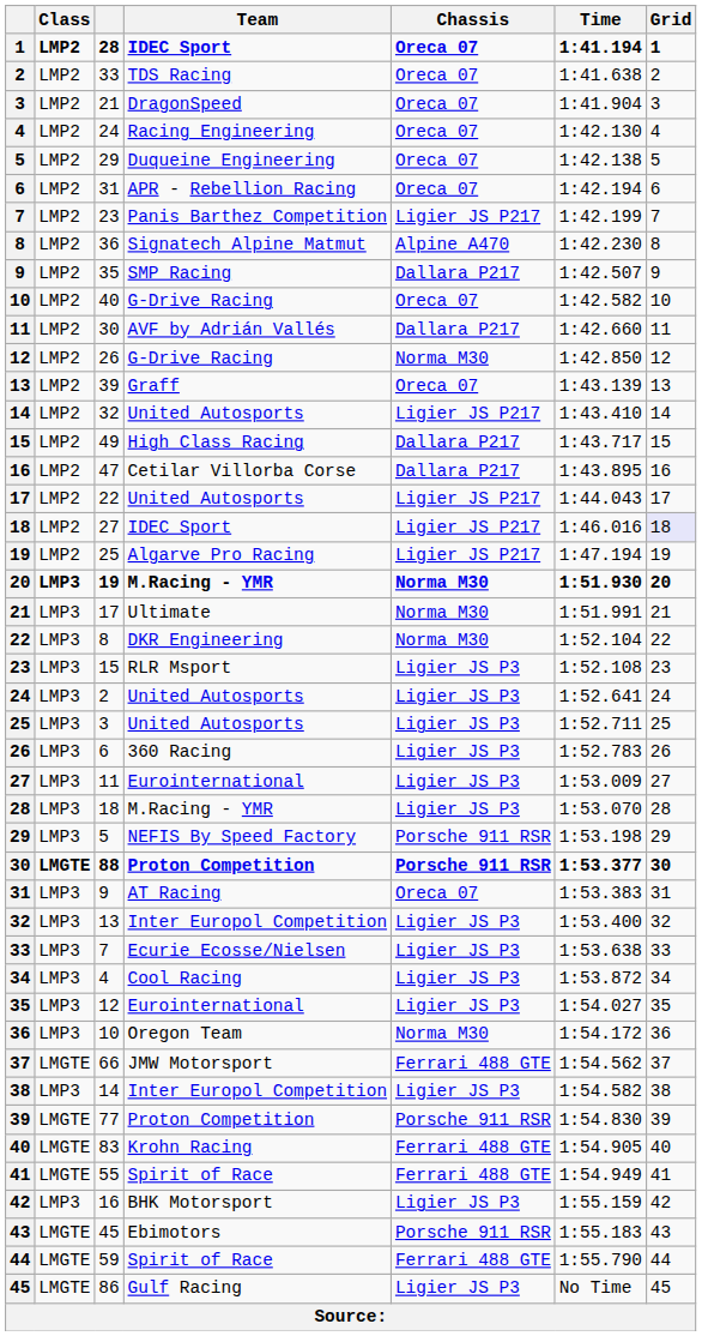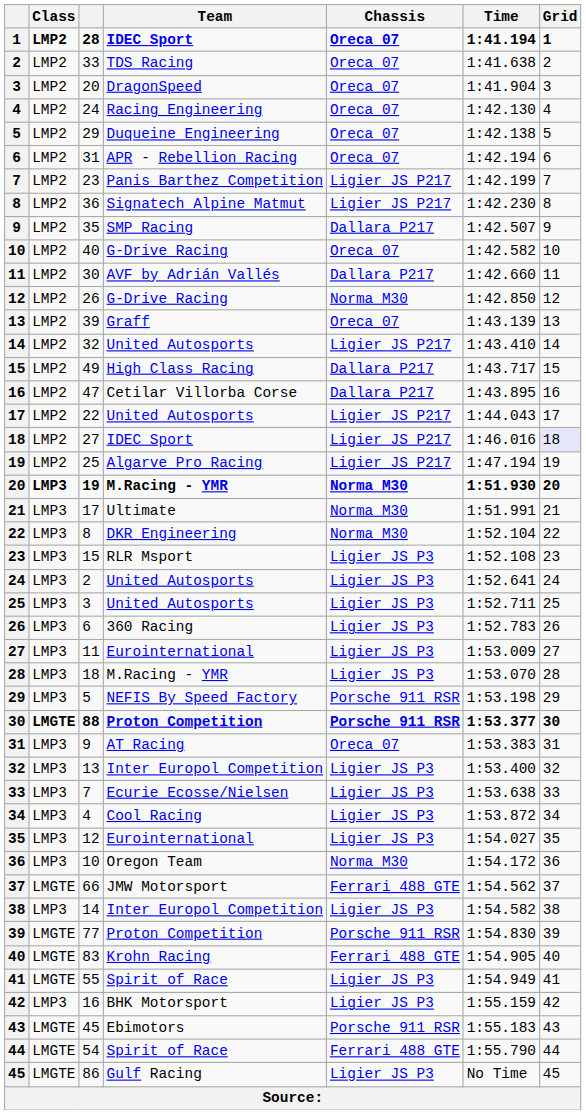 <table class="wikitable">
 <tr>
 <th></th>
 <th>Class</th>
 <th></th>
 <th>Team</th>
 <th>Chassis</th>
 <th>Time</th>
 <th>Grid</th>
 </tr>
 <tr>
 <th><strong>1</strong></th>
 <td><strong>LMP2</strong></td>
 <td><strong>28</strong></td>
 <td><strong> <a href='#'>IDEC Sport</a></strong></td>
 <td><strong><a href='#'>Oreca 07</a></strong></td>
 <td><strong>1:41.194</strong></td>
 <td><strong>1</strong></td>
 </tr>
 <tr>
 <th>2</th>
 <td>LMP2</td>
 <td>33</td>
 <td> <a href='#'>TDS Racing</a></td>
 <td><a href='#'>Oreca 07</a></td>
 <td>1:41.638</td>
 <td>2</td>
 </tr>
 <tr>
 <th>3</th>
 <td>LMP2</td>
-<td>21</td>
+<td>20</td>
 <td> <a href='#'>DragonSpeed</a></td>
 <td><a href='#'>Oreca 07</a></td>
 <td>1:41.904</td>
 <td>3</td>
 </tr>
 <tr>
 <th>4</th>
 <td>LMP2</td>
 <td>24</td>
 <td> <a href='#'>Racing Engineering</a></td>
 <td><a href='#'>Oreca 07</a></td>
 <td>1:42.130</td>
 <td>4</td>
 </tr>
 <tr>
 <th>5</th>
 <td>LMP2</td>
 <td>29</td>
 <td> <a href='#'>Duqueine Engineering</a></td>
 <td><a href='#'>Oreca 07</a></td>
 <td>1:42.138</td>
 <td>5</td>
 </tr>
 <tr>
 <th>6</th>
 <td>LMP2</td>
 <td>31</td>
 <td> <a href='#'>APR</a> - <a href='#'>Rebellion Racing</a></td>
 <td><a href='#'>Oreca 07</a></td>
 <td>1:42.194</td>
 <td>6</td>
 </tr>
 <tr>
 <th>7</th>
 <td>LMP2</td>
 <td>23</td>
 <td> <a href='#'>Panis Barthez Competition</a></td>
 <td><a href='#'>Ligier JS P217</a></td>
 <td>1:42.199</td>
 <td>7</td>
 </tr>
 <tr>
 <th>8</th>
 <td>LMP2</td>
 <td>36</td>
 <td> <a href='#'>Signatech Alpine Matmut</a></td>
-<td><a href='#'>Alpine A470</a></td>
+<td><a href='#'>Ligier JS P217</a></td>
 <td>1:42.230</td>
 <td>8</td>
 </tr>
 <tr>
 <th>9</th>
 <td>LMP2</td>
 <td>35</td>
 <td> <a href='#'>SMP Racing</a></td>
 <td><a href='#'>Dallara P217</a></td>
 <td>1:42.507</td>
 <td>9</td>
 </tr>
 <tr>
 <th>10</th>
 <td>LMP2</td>
 <td>40</td>
 <td> <a href='#'>G-Drive Racing</a></td>
 <td><a href='#'>Oreca 07</a></td>
 <td>1:42.582</td>
 <td>10</td>
 </tr>
 <tr>
 <th>11</th>
 <td>LMP2</td>
 <td>30</td>
 <td> <a href='#'>AVF by Adrián Vallés</a></td>
 <td><a href='#'>Dallara P217</a></td>
 <td>1:42.660</td>
 <td>11</td>
 </tr>
 <tr>
 <th>12</th>
 <td>LMP2</td>
 <td>26</td>
 <td> <a href='#'>G-Drive Racing</a></td>
 <td><a href='#'>Norma M30</a></td>
 <td>1:42.850</td>
 <td>12</td>
 </tr>
 <tr>
 <th>13</th>
 <td>LMP2</td>
 <td>39</td>
 <td> <a href='#'>Graff</a></td>
 <td><a href='#'>Oreca 07</a></td>
 <td>1:43.139</td>
 <td>13</td>
 </tr>
 <tr>
 <th>14</th>
 <td>LMP2</td>
 <td>32</td>
 <td> <a href='#'>United Autosports</a></td>
 <td><a href='#'>Ligier JS P217</a></td>
 <td>1:43.410</td>
 <td>14</td>
 </tr>
 <tr>
 <th>15</th>
 <td>LMP2</td>
 <td>49</td>
 <td> <a href='#'>High Class Racing</a></td>
 <td><a href='#'>Dallara P217</a></td>
 <td>1:43.717</td>
 <td>15</td>
 </tr>
 <tr>
 <th>16</th>
 <td>LMP2</td>
 <td>47</td>
 <td> Cetilar Villorba Corse</td>
 <td><a href='#'>Dallara P217</a></td>
 <td>1:43.895</td>
 <td>16</td>
 </tr>
 <tr>
 <th>17</th>
 <td>LMP2</td>
 <td>22</td>
 <td> <a href='#'>United Autosports</a></td>
 <td><a href='#'>Ligier JS P217</a></td>
 <td>1:44.043</td>
 <td>17</td>
 </tr>
 <tr>
 <th>18</th>
 <td>LMP2</td>
 <td>27</td>
 <td> <a href='#'>IDEC Sport</a></td>
 <td><a href='#'>Ligier JS P217</a></td>
 <td>1:46.016</td>
 <td style="background: lavender;">18</td>
 </tr>
 <tr>
 <th>19</th>
 <td>LMP2</td>
 <td>25</td>
 <td> <a href='#'>Algarve Pro Racing</a></td>
 <td><a href='#'>Ligier JS P217</a></td>
 <td>1:47.194</td>
 <td>19</td>
 </tr>
 <tr>
 <th><strong>20</strong></th>
 <td><strong>LMP3</strong></td>
 <td><strong>19</strong></td>
 <td><strong> M.Racing - <a href='#'>YMR</a></strong></td>
 <td><strong><a href='#'>Norma M30</a></strong></td>
 <td><strong>1:51.930</strong></td>
 <td><strong>20</strong></td>
 </tr>
 <tr>
 <th>21</th>
 <td>LMP3</td>
 <td>17</td>
 <td> Ultimate</td>
 <td><a href='#'>Norma M30</a></td>
 <td>1:51.991</td>
 <td>21</td>
 </tr>
 <tr>
 <th>22</th>
 <td>LMP3</td>
 <td>8</td>
 <td> <a href='#'>DKR Engineering</a></td>
 <td><a href='#'>Norma M30</a></td>
 <td>1:52.104</td>
 <td>22</td>
 </tr>
 <tr>
 <th>23</th>
 <td>LMP3</td>
 <td>15</td>
 <td> RLR Msport</td>
 <td><a href='#'>Ligier JS P3</a></td>
 <td>1:52.108</td>
 <td>23</td>
 </tr>
 <tr>
 <th>24</th>
 <td>LMP3</td>
 <td>2</td>
 <td> <a href='#'>United Autosports</a></td>
 <td><a href='#'>Ligier JS P3</a></td>
 <td>1:52.641</td>
 <td>24</td>
 </tr>
 <tr>
 <th>25</th>
 <td>LMP3</td>
 <td>3</td>
 <td> <a href='#'>United Autosports</a></td>
 <td><a href='#'>Ligier JS P3</a></td>
 <td>1:52.711</td>
 <td>25</td>
 </tr>
 <tr>
 <th>26</th>
 <td>LMP3</td>
 <td>6</td>
 <td> 360 Racing</td>
 <td><a href='#'>Ligier JS P3</a></td>
 <td>1:52.783</td>
 <td>26</td>
 </tr>
 <tr>
 <th>27</th>
 <td>LMP3</td>
 <td>11</td>
 <td> <a href='#'>Eurointernational</a></td>
 <td><a href='#'>Ligier JS P3</a></td>
 <td>1:53.009</td>
 <td>27</td>
 </tr>
 <tr>
 <th>28</th>
 <td>LMP3</td>
 <td>18</td>
 <td> M.Racing - <a href='#'>YMR</a></td>
 <td><a href='#'>Ligier JS P3</a></td>
 <td>1:53.070</td>
 <td>28</td>
 </tr>
 <tr>
 <th>29</th>
 <td>LMP3</td>
 <td>5</td>
 <td> <a href='#'>NEFIS By Speed Factory</a></td>
 <td><a href='#'>Porsche 911 RSR</a></td>
 <td>1:53.198</td>
 <td>29</td>
 </tr>
 <tr>
 <th><strong>30</strong></th>
 <td><strong>LMGTE</strong></td>
 <td><strong>88</strong></td>
 <td><strong> <a href='#'>Proton Competition</a></strong></td>
 <td><strong><a href='#'>Porsche 911 RSR</a></strong></td>
 <td><strong>1:53.377</strong></td>
 <td><strong>30</strong></td>
 </tr>
 <tr>
 <th>31</th>
 <td>LMP3</td>
 <td>9</td>
 <td> <a href='#'>AT Racing</a></td>
 <td><a href='#'>Oreca 07</a></td>
 <td>1:53.383</td>
 <td>31</td>
 </tr>
 <tr>
 <th>32</th>
 <td>LMP3</td>
 <td>13</td>
 <td> <a href='#'>Inter Europol Competition</a></td>
 <td><a href='#'>Ligier JS P3</a></td>
 <td>1:53.400</td>
 <td>32</td>
 </tr>
 <tr>
 <th>33</th>
 <td>LMP3</td>
 <td>7</td>
 <td> <a href='#'>Ecurie Ecosse/Nielsen</a></td>
 <td><a href='#'>Ligier JS P3</a></td>
 <td>1:53.638</td>
 <td>33</td>
 </tr>
 <tr>
 <th>34</th>
 <td>LMP3</td>
 <td>4</td>
 <td> <a href='#'>Cool Racing</a></td>
 <td><a href='#'>Ligier JS P3</a></td>
 <td>1:53.872</td>
 <td>34</td>
 </tr>
 <tr>
 <th>35</th>
 <td>LMP3</td>
 <td>12</td>
 <td> <a href='#'>Eurointernational</a></td>
 <td><a href='#'>Ligier JS P3</a></td>
 <td>1:54.027</td>
 <td>35</td>
 </tr>
 <tr>
 <th>36</th>
 <td>LMP3</td>
 <td>10</td>
 <td> Oregon Team</td>
 <td><a href='#'>Norma M30</a></td>
 <td>1:54.172</td>
 <td>36</td>
 </tr>
 <tr>
 <th>37</th>
 <td>LMGTE</td>
 <td>66</td>
 <td> JMW Motorsport</td>
 <td><a href='#'>Ferrari 488 GTE</a></td>
 <td>1:54.562</td>
 <td>37</td>
 </tr>
 <tr>
 <th>38</th>
 <td>LMP3</td>
 <td>14</td>
 <td> <a href='#'>Inter Europol Competition</a></td>
 <td><a href='#'>Ligier JS P3</a></td>
 <td>1:54.582</td>
 <td>38</td>
 </tr>
 <tr>
 <th>39</th>
 <td>LMGTE</td>
 <td>77</td>
 <td> <a href='#'>Proton Competition</a></td>
 <td><a href='#'>Porsche 911 RSR</a></td>
 <td>1:54.830</td>
 <td>39</td>
 </tr>
 <tr>
 <th>40</th>
 <td>LMGTE</td>
 <td>83</td>
 <td> <a href='#'>Krohn Racing</a></td>
 <td><a href='#'>Ferrari 488 GTE</a></td>
 <td>1:54.905</td>
 <td>40</td>
 </tr>
 <tr>
 <th>41</th>
 <td>LMGTE</td>
 <td>55</td>
 <td> <a href='#'>Spirit of Race</a></td>
-<td><a href='#'>Ferrari 488 GTE</a></td>
+<td><a href='#'>Ligier JS P3</a></td>
 <td>1:54.949</td>
 <td>41</td>
 </tr>
 <tr>
 <th>42</th>
 <td>LMP3</td>
 <td>16</td>
 <td> BHK Motorsport</td>
 <td><a href='#'>Ligier JS P3</a></td>
 <td>1:55.159</td>
 <td>42</td>
 </tr>
 <tr>
 <th>43</th>
 <td>LMGTE</td>
 <td>45</td>
 <td> Ebimotors</td>
 <td><a href='#'>Porsche 911 RSR</a></td>
 <td>1:55.183</td>
 <td>43</td>
 </tr>
 <tr>
 <th>44</th>
 <td>LMGTE</td>
-<td>59</td>
+<td>54</td>
 <td> <a href='#'>Spirit of Race</a></td>
 <td><a href='#'>Ferrari 488 GTE</a></td>
 <td>1:55.790</td>
 <td>44</td>
 </tr>
 <tr>
 <th>45</th>
 <td>LMGTE</td>
 <td>86</td>
 <td> <a href='#'>Gulf</a> Racing</td>
 <td><a href='#'>Ligier JS P3</a></td>
 <td>No Time</td>
 <td>45</td>
 </tr>
 <tr>
 <th colspan="7">Source:</th>
 </tr>
 </table>
